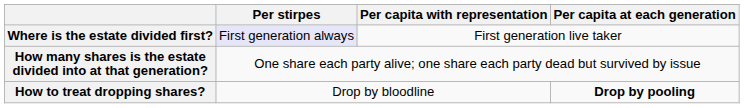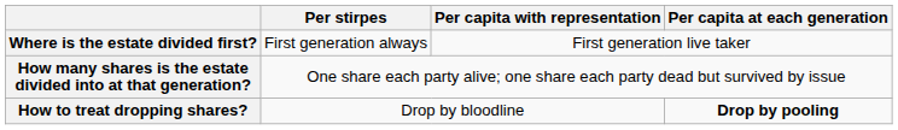 <table class="wikitable" style="text-align: center">
 <tr>
 <th></th>
 <th>Per stirpes</th>
 <th>Per capita with representation</th>
 <th>Per capita at each generation</th>
 </tr>
 <tr>
 <th>Where is the estate divided first?</th>
-<td style="background: lavender;">First generation always</td>
+<td>First generation always</td>
 <td colspan=2>First generation live taker</td>
 </tr>
 <tr>
 <th>How many shares is the estate<br> divided into at that generation?</th>
 <td colspan=3>One share each party alive; one share each party dead but survived by issue</td>
 </tr>
 <tr>
 <th>How to treat dropping shares?</th>
 <td colspan=2>Drop by bloodline</td>
 <td><strong>Drop by pooling</strong></td>
 </tr>
 </table>
